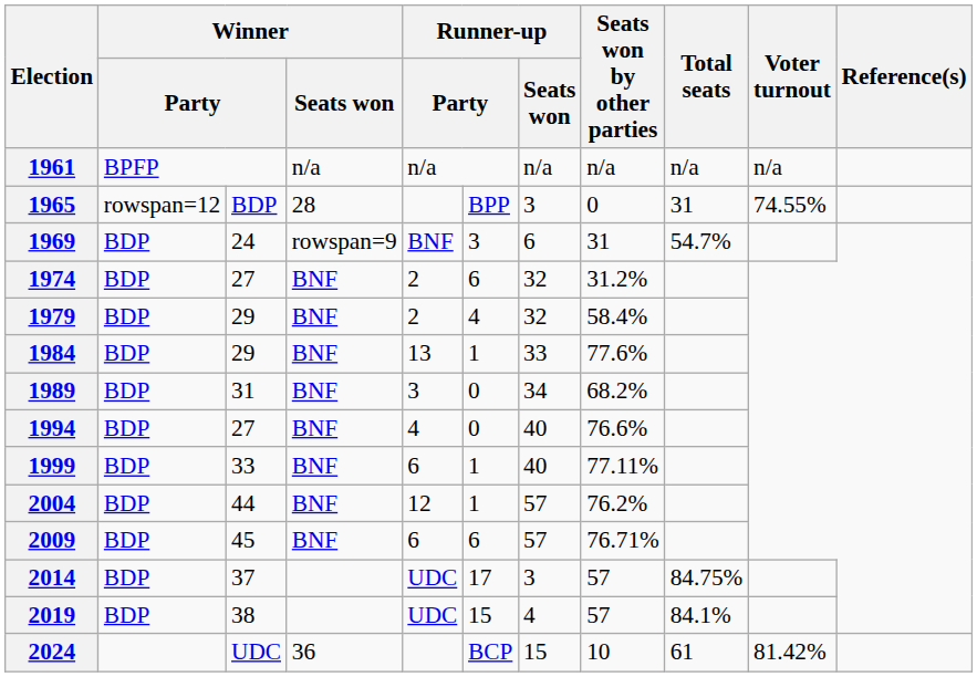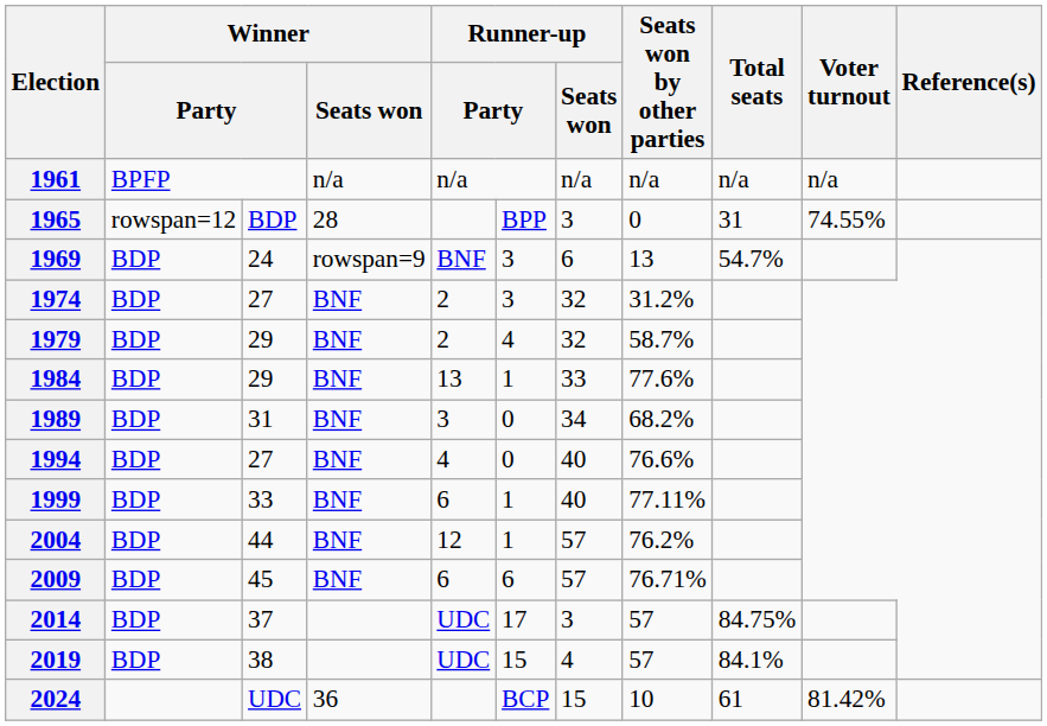 <table class="wikitable sortable plainrowheaders">
 <tr>
 <th scope=col rowspan="2">Election</th>
 <th scope=colgroup colspan="3">Winner</th>
 <th scope=colgroup colspan="3">Runner-up</th>
 <th scope=col rowspan=2>Seats won by<br>other parties</th>
 <th scope=col rowspan="2">Total seats</th>
 <th scope=col rowspan="2">Voter turnout</th>
 <th class="unsortable" ! scope=col rowspan="2">Reference(s)</th>
 </tr>
 <tr>
 <th scope=col colspan="2">Party</th>
 <th scope=col>Seats won</th>
 <th scope=col colspan="2">Party</th>
 <th scope=col>Seats won</th>
 </tr>
 <tr>
 <th scope=row><a href='#'><strong>1961</strong></a></th>
 <td colspan="2"><a href='#'>BPFP</a></td>
 <td>n/a</td>
 <td colspan="2">n/a</td>
 <td>n/a</td>
 <td>n/a</td>
 <td>n/a</td>
 <td>n/a</td>
 <td></td>
 </tr>
 <tr>
 <th scope=row><a href='#'><strong>1965</strong></a></th>
 <td>rowspan=12 </td>
 <td><a href='#'>BDP</a></td>
 <td>28</td>
 <td style="background-color:"></td>
 <td><a href='#'>BPP</a></td>
 <td>3</td>
 <td>0</td>
 <td>31</td>
 <td>74.55%</td>
 <td></td>
 </tr>
 <tr>
 <th scope=row><a href='#'><strong>1969</strong></a></th>
 <td><a href='#'>BDP</a></td>
 <td>24</td>
 <td>rowspan=9 </td>
 <td><a href='#'>BNF</a></td>
 <td>3</td>
 <td>6</td>
-<td>31</td>
+<td>13</td>
 <td>54.7%</td>
 <td></td>
 </tr>
 <tr>
 <th scope=row><a href='#'><strong>1974</strong></a></th>
 <td><a href='#'>BDP</a></td>
 <td>27</td>
 <td><a href='#'>BNF</a></td>
 <td>2</td>
-<td>6</td>
+<td>3</td>
 <td>32</td>
 <td>31.2%</td>
 <td></td>
 </tr>
 <tr>
 <th scope=row><a href='#'><strong>1979</strong></a></th>
 <td><a href='#'>BDP</a></td>
 <td>29</td>
 <td><a href='#'>BNF</a></td>
 <td>2</td>
 <td>4</td>
 <td>32</td>
-<td>58.4%</td>
+<td>58.7%</td>
 <td></td>
 </tr>
 <tr>
 <th scope=row><a href='#'><strong>1984</strong></a></th>
 <td><a href='#'>BDP</a></td>
 <td>29</td>
 <td><a href='#'>BNF</a></td>
 <td>13</td>
 <td>1</td>
 <td>33</td>
 <td>77.6%</td>
 <td></td>
 </tr>
 <tr>
 <th scope=row><a href='#'><strong>1989</strong></a></th>
 <td><a href='#'>BDP</a></td>
 <td>31</td>
 <td><a href='#'>BNF</a></td>
 <td>3</td>
 <td>0</td>
 <td>34</td>
 <td>68.2%</td>
 <td></td>
 </tr>
 <tr>
 <th scope=row><a href='#'><strong>1994</strong></a></th>
 <td><a href='#'>BDP</a></td>
 <td>27</td>
 <td><a href='#'>BNF</a></td>
 <td>4</td>
 <td>0</td>
 <td>40</td>
 <td>76.6%</td>
 <td></td>
 </tr>
 <tr>
 <th scope=row><a href='#'><strong>1999</strong></a></th>
 <td><a href='#'>BDP</a></td>
 <td>33</td>
 <td><a href='#'>BNF</a></td>
 <td>6</td>
 <td>1</td>
 <td>40</td>
 <td>77.11%</td>
 <td></td>
 </tr>
 <tr>
 <th scope=row><a href='#'><strong>2004</strong></a></th>
 <td><a href='#'>BDP</a></td>
 <td>44</td>
 <td><a href='#'>BNF</a></td>
 <td>12</td>
 <td>1</td>
 <td>57</td>
 <td>76.2%</td>
 <td></td>
 </tr>
 <tr>
 <th scope=row><a href='#'><strong>2009</strong></a></th>
 <td><a href='#'>BDP</a></td>
 <td>45</td>
 <td><a href='#'>BNF</a></td>
 <td>6</td>
 <td>6</td>
 <td>57</td>
 <td>76.71%</td>
 <td></td>
 </tr>
 <tr>
 <th scope=row><a href='#'><strong>2014</strong></a></th>
 <td><a href='#'>BDP</a></td>
 <td>37</td>
 <td></td>
 <td><a href='#'>UDC</a></td>
 <td>17</td>
 <td>3</td>
 <td>57</td>
 <td>84.75%</td>
 <td></td>
 </tr>
 <tr>
 <th scope=row><a href='#'><strong>2019</strong></a></th>
 <td><a href='#'>BDP</a></td>
 <td>38</td>
 <td></td>
 <td><a href='#'>UDC</a></td>
 <td>15</td>
 <td>4</td>
 <td>57</td>
 <td>84.1%</td>
 <td></td>
 </tr>
 <tr>
 <th scope=row><a href='#'><strong>2024</strong></a></th>
 <td></td>
 <td><a href='#'>UDC</a></td>
 <td>36</td>
 <td></td>
 <td><a href='#'>BCP</a></td>
 <td>15</td>
 <td>10</td>
 <td>61</td>
 <td>81.42%</td>
 <td></td>
 </tr>
 </table>
